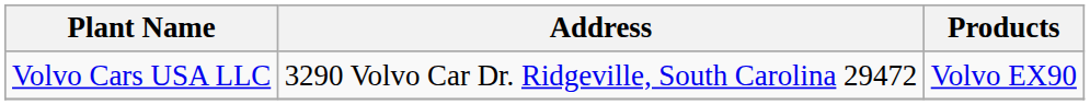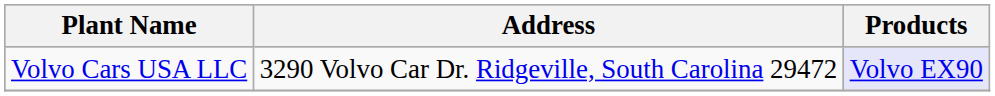 <table class="wikitable">
 <tr>
 <th>Plant Name</th>
 <th>Address</th>
 <th>Products</th>
 </tr>
 <tr --->
 <td><a href='#'>Volvo Cars USA LLC</a></td>
 <td>3290 Volvo Car Dr. <a href='#'>Ridgeville, South Carolina</a> 29472</td>
-<td><a href='#'>Volvo EX90</a></td>
+<td style="background: lavender;"><a href='#'>Volvo EX90</a></td>
 </tr>
 <tr --->
 </tr>
 <tr --->
 </tr>
 </table>
